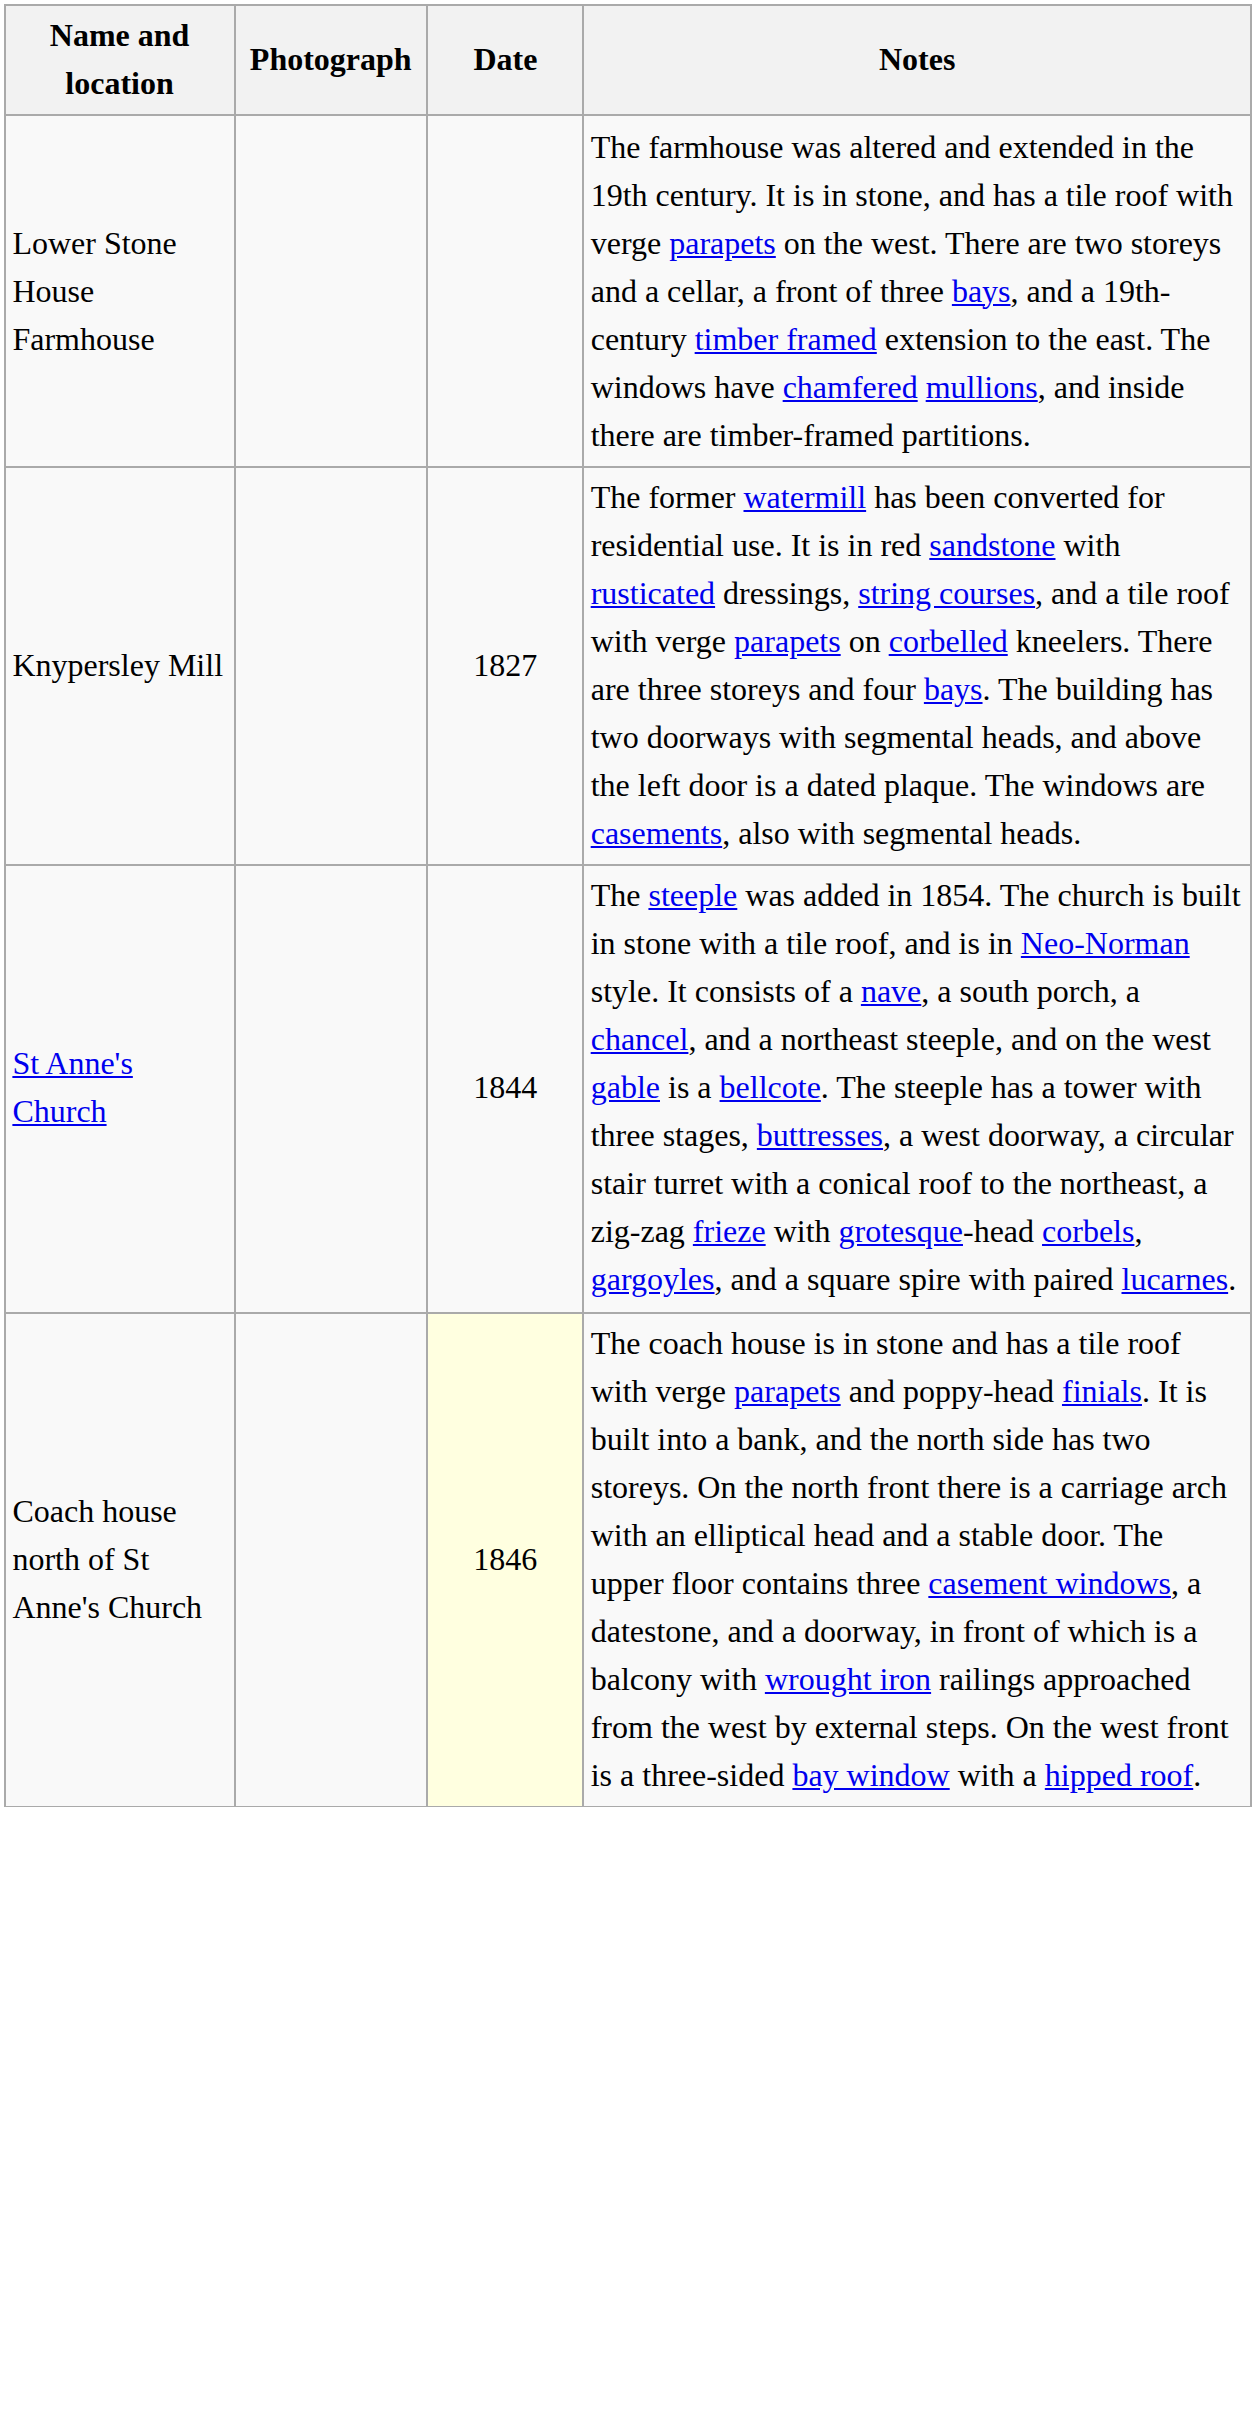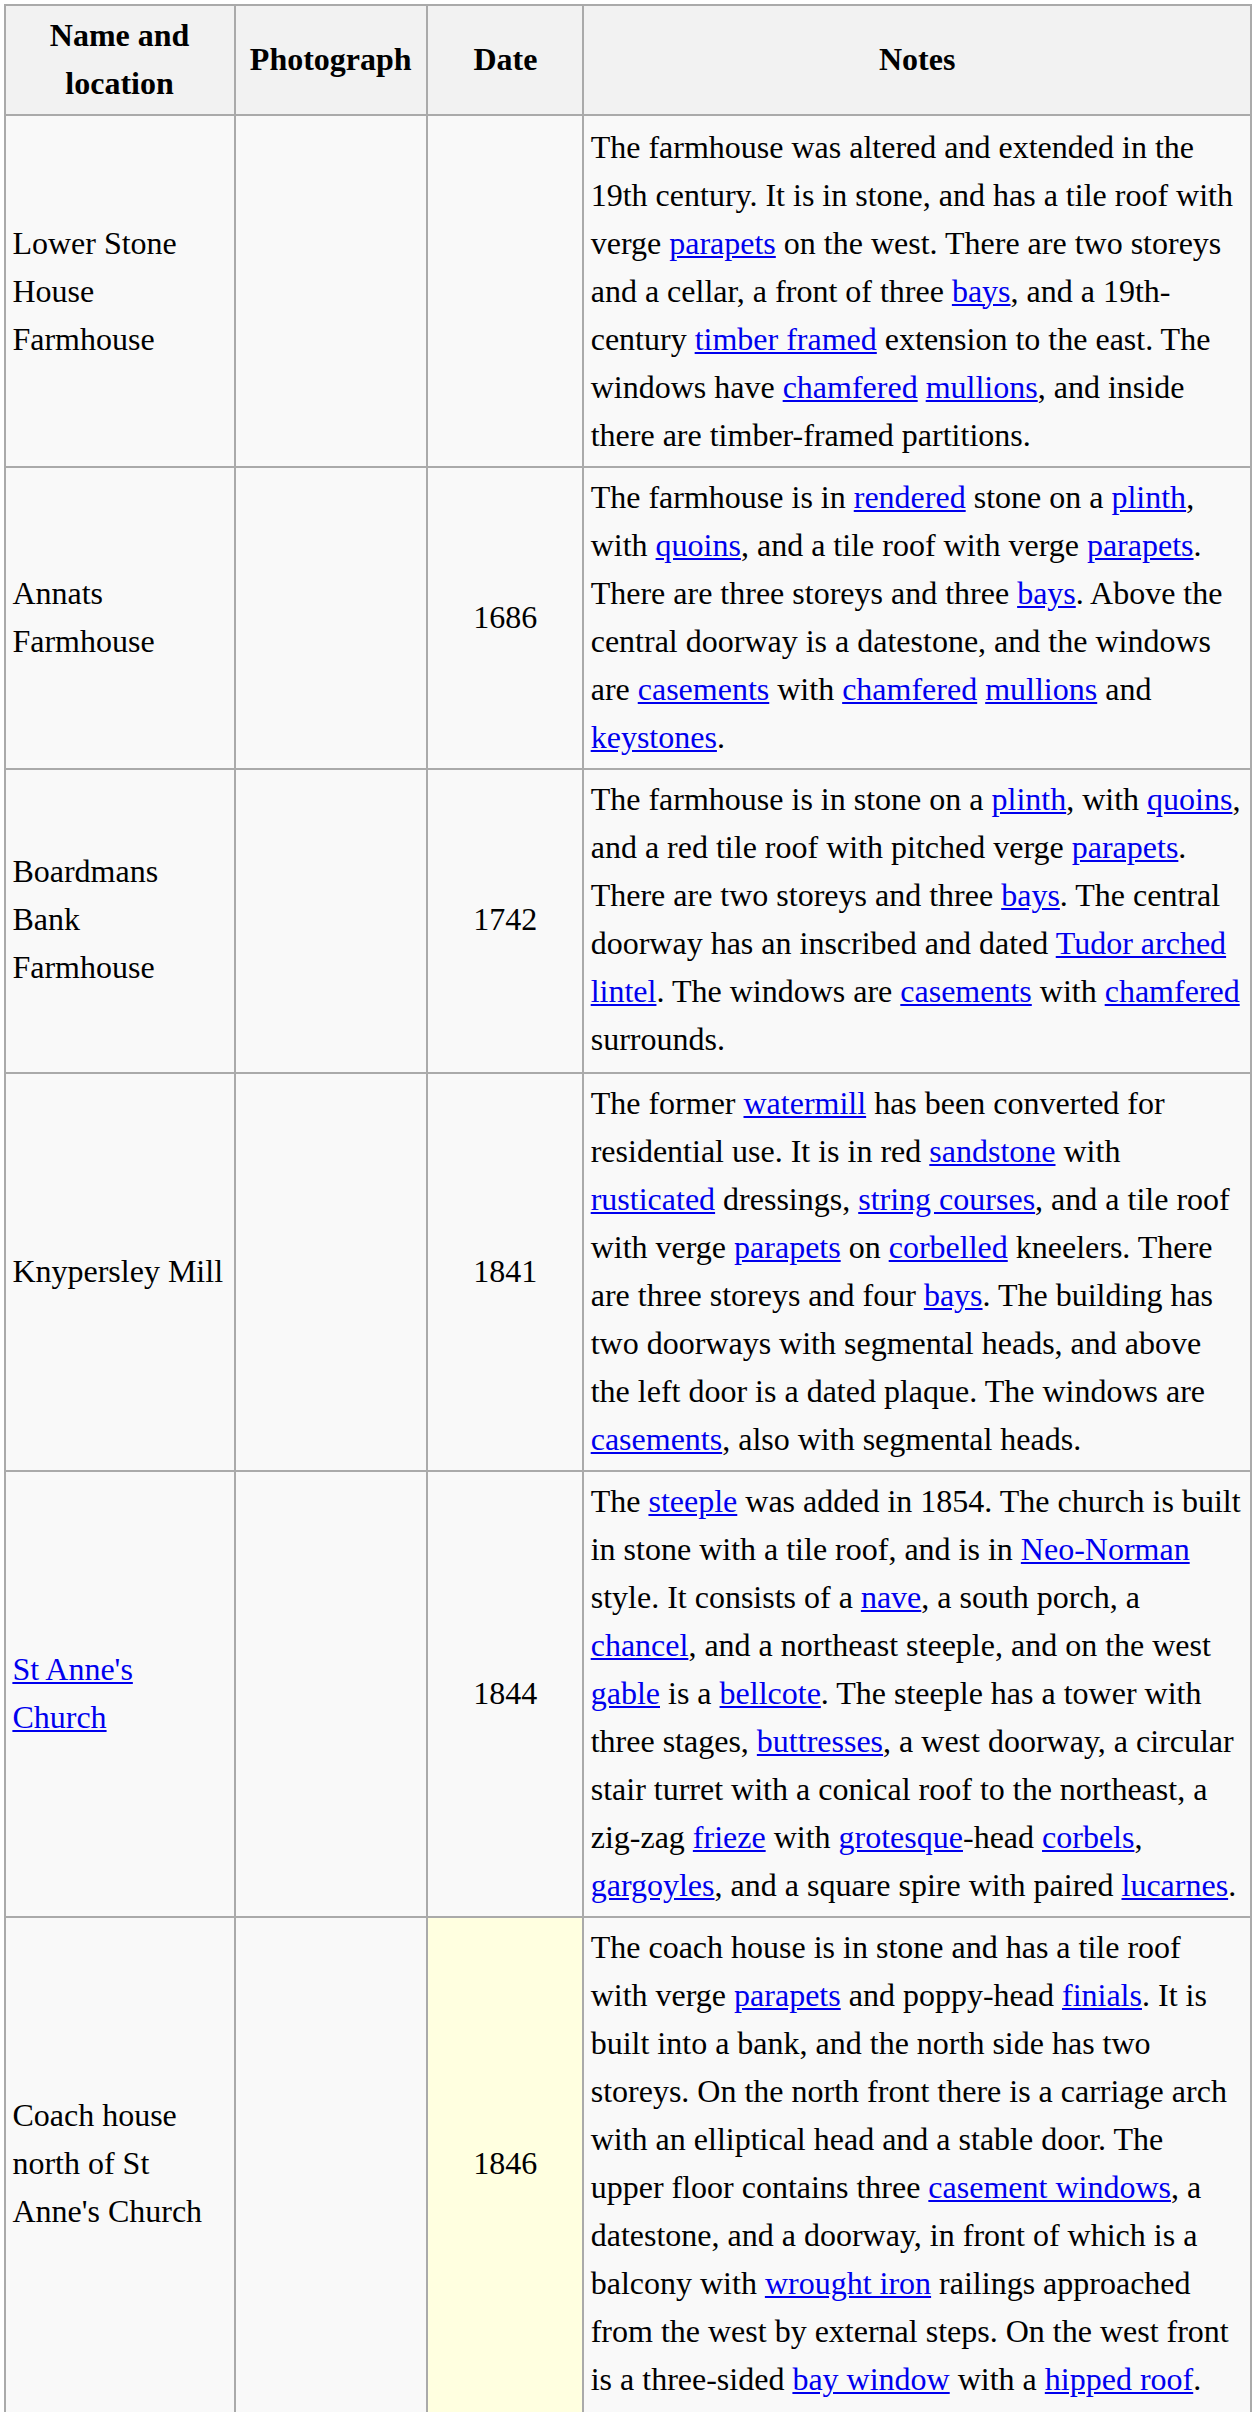 <table class="wikitable sortable plainrowheaders" style="width:100%;border:0px;text-align:left;line-height:150%;">
 <tr>
 <th scope="col"  style="width:150px">Name and location</th>
 <th scope="col"  style="width:100px" class="unsortable">Photograph</th>
 <th scope="col"  style="width:120px">Date</th>
 <th scope="col"  style="width:650px" class="unsortable">Notes</th>
 </tr>
 <tr>
 <td>Lower Stone House Farmhouse<br><small></small></td>
 <td></td>
 <td align="center"></td>
 <td>The farmhouse was altered and extended in the 19th century.  It is in stone, and has a tile roof with verge <a href='#'>parapets</a> on the west.  There are two storeys and a cellar, a front of three <a href='#'>bays</a>, and a 19th-century <a href='#'>timber framed</a> extension to the east.  The windows have <a href='#'>chamfered</a> <a href='#'>mullions</a>, and inside there are timber-framed partitions.</td>
 </tr>
 <tr>
+<td>Annats Farmhouse<br><small></small></td>
+<td></td>
+<td align="center">1686</td>
+<td>The farmhouse is in <a href='#'>rendered</a> stone on a <a href='#'>plinth</a>, with <a href='#'>quoins</a>, and a tile roof with verge <a href='#'>parapets</a>.  There are three storeys and three <a href='#'>bays</a>.  Above the central doorway is a datestone, and the windows are <a href='#'>casements</a> with <a href='#'>chamfered</a> <a href='#'>mullions</a> and <a href='#'>keystones</a>.</td>
+</tr>
+<tr>
+<td>Boardmans Bank Farmhouse<br><small></small></td>
+<td></td>
+<td align="center">1742</td>
+<td>The farmhouse is in stone on a <a href='#'>plinth</a>, with <a href='#'>quoins</a>, and a red tile roof with pitched verge <a href='#'>parapets</a>.  There are two storeys and three <a href='#'>bays</a>.  The central doorway has an inscribed and dated <a href='#'>Tudor arched</a> <a href='#'>lintel</a>.  The windows are <a href='#'>casements</a> with <a href='#'>chamfered</a> surrounds.</td>
+</tr>
+<tr>
 <td>Knypersley Mill<br><small></small></td>
 <td></td>
-<td align="center">1827</td>
+<td align="center">1841</td>
 <td>The former <a href='#'>watermill</a> has been converted for residential use.  It is in red <a href='#'>sandstone</a> with <a href='#'>rusticated</a> dressings, <a href='#'>string courses</a>, and a tile roof with verge <a href='#'>parapets</a> on <a href='#'>corbelled</a> kneelers.  There are three storeys and four <a href='#'>bays</a>.  The building has two doorways with segmental heads, and above the left door is a dated plaque.  The windows are <a href='#'>casements</a>, also with segmental heads.</td>
 </tr>
 <tr>
 <td><a href='#'>St Anne's Church</a><br><small></small></td>
 <td></td>
 <td align="center">1844</td>
 <td>The <a href='#'>steeple</a> was added in 1854.  The church is built in stone with a tile roof, and is in <a href='#'>Neo-Norman</a> style.  It consists of a <a href='#'>nave</a>, a south porch, a <a href='#'>chancel</a>, and a northeast steeple, and on the west <a href='#'>gable</a> is a <a href='#'>bellcote</a>.  The steeple has a tower with three stages, <a href='#'>buttresses</a>, a west doorway, a circular stair turret with a conical roof to the northeast, a zig-zag <a href='#'>frieze</a> with <a href='#'>grotesque</a>-head <a href='#'>corbels</a>, <a href='#'>gargoyles</a>, and a square spire with paired <a href='#'>lucarnes</a>.</td>
 </tr>
 <tr>
 <td>Coach house north of St Anne's Church<br><small></small></td>
 <td></td>
 <td align="center" style="background: lightyellow;">1846</td>
 <td>The coach house is in stone and has a tile roof with verge <a href='#'>parapets</a> and poppy-head <a href='#'>finials</a>.  It is built into a bank, and the north side has two storeys.  On the north front there is a carriage arch with an elliptical head and a stable door.  The upper floor contains three <a href='#'>casement windows</a>, a datestone, and a doorway, in front of which is a balcony with <a href='#'>wrought iron</a> railings approached from the west by external steps.  On the west front is a three-sided <a href='#'>bay window</a> with a <a href='#'>hipped roof</a>.</td>
 </tr>
 <tr>
 </tr>
 </table>
